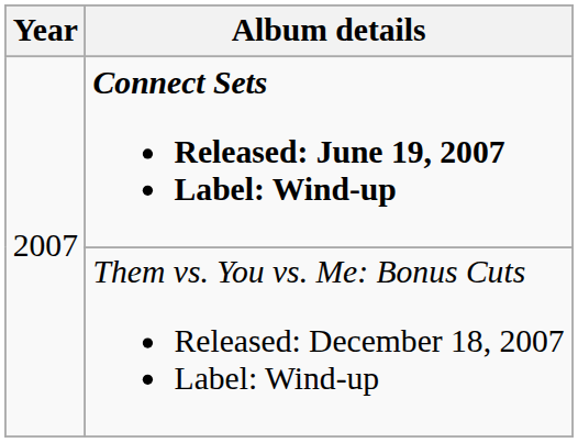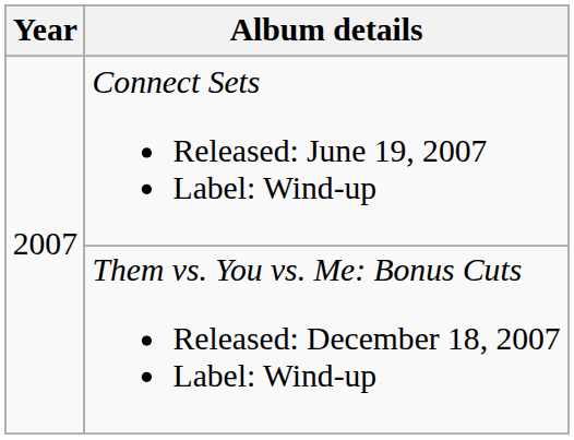 <table class="wikitable">
 <tr>
 <th>Year</th>
 <th>Album details</th>
 </tr>
 <tr>
 <td rowspan="2">2007</td>
-<td><strong><em>Connect Sets</em><br><ul><li>Released: June 19, 2007</li><li>Label: Wind-up</li></ul></strong></td>
+<td><em>Connect Sets</em><br><ul><li>Released: June 19, 2007</li><li>Label: Wind-up</li></ul></td>
 </tr>
 <tr>
 <td><em>Them vs. You vs. Me: Bonus Cuts</em><br><ul><li>Released: December 18, 2007</li><li>Label: Wind-up</li></ul></td>
 </tr>
 </table>
